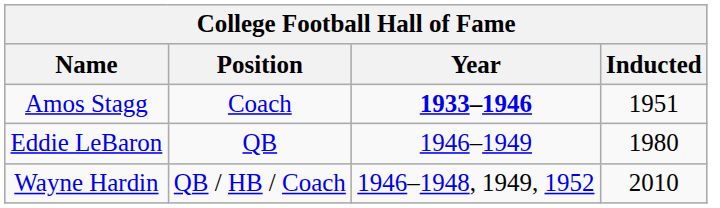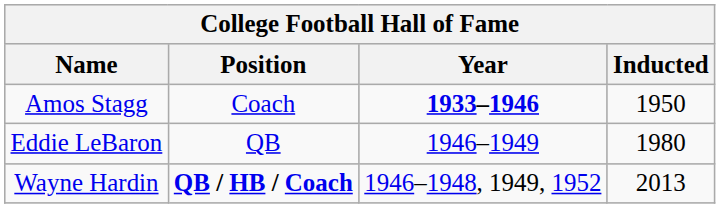 <table class="wikitable">
 <tr align="center">
 <th colspan=5>College Football Hall of Fame</th>
 </tr>
 <tr>
 <th>Name</th>
 <th>Position</th>
 <th>Year</th>
 <th>Inducted</th>
 </tr>
 <tr align="center" bgcolor="">
 <td><a href='#'>Amos Stagg</a></td>
 <td><a href='#'>Coach</a></td>
 <td><strong><a href='#'>1933</a>–<a href='#'>1946</a></strong></td>
-<td>1951</td>
+<td>1950</td>
 </tr>
 <tr align="center" bgcolor="">
 <td><a href='#'>Eddie LeBaron</a></td>
 <td><a href='#'>QB</a></td>
 <td><a href='#'>1946</a>–<a href='#'>1949</a></td>
 <td>1980</td>
 </tr>
 <tr align="center" bgcolor="">
 <td><a href='#'>Wayne Hardin</a></td>
-<td><a href='#'>QB</a> / <a href='#'>HB</a> / <a href='#'>Coach</a></td>
+<td><strong><a href='#'>QB</a> / <a href='#'>HB</a> / <a href='#'>Coach</a></strong></td>
 <td><a href='#'>1946</a>–<a href='#'>1948</a>, 1949, <a href='#'>1952</a></td>
-<td>2010</td>
+<td>2013</td>
 </tr>
 </table>
